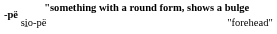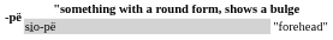 <table>
 <tr>
 <th rowspan="2">-pë</th>
 <th colspan="2">"something with a round form, shows a bulge</th>
 </tr>
 <tr>
-<td>si̱o-pë</td>
+<td style="background: lightgrey;">si̱o-pë</td>
 <td colspan="2">"forehead"</td>
 </tr>
 </table>
